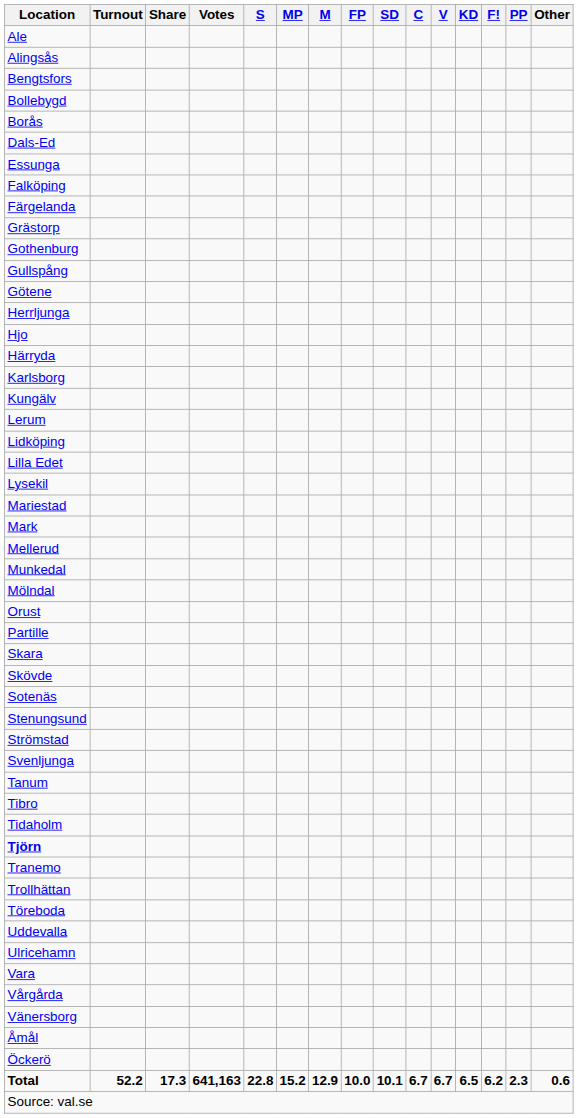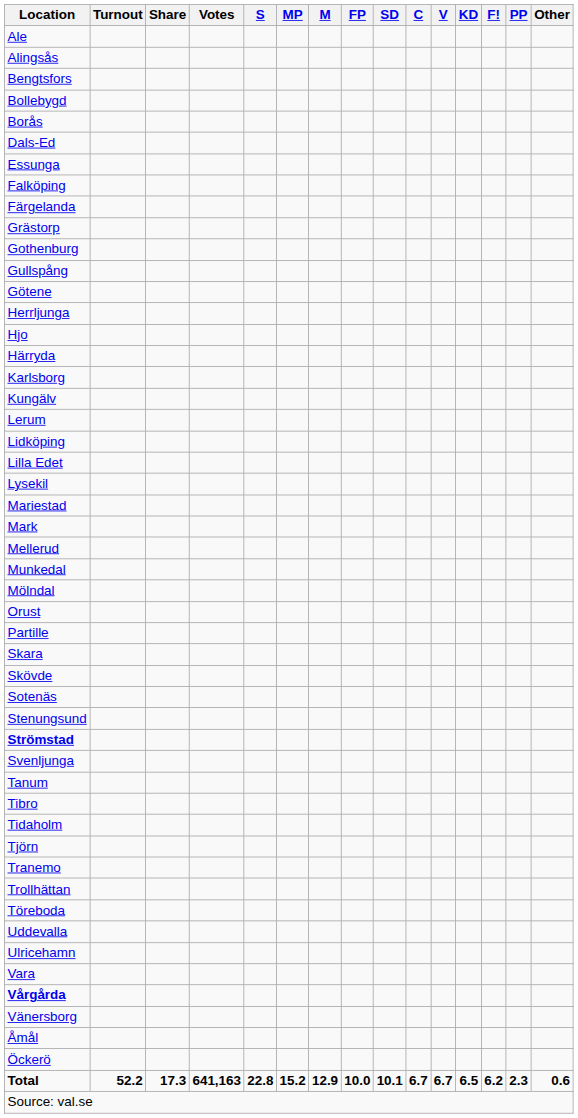 <table class="wikitable sortable" style=text-align:right>
 <tr>
 <th>Location</th>
 <th>Turnout</th>
 <th>Share</th>
 <th>Votes</th>
 <th><a href='#'>S</a></th>
 <th><a href='#'>MP</a></th>
 <th><a href='#'>M</a></th>
 <th><a href='#'>FP</a></th>
 <th><a href='#'>SD</a></th>
 <th><a href='#'>C</a></th>
 <th><a href='#'>V</a></th>
 <th><a href='#'>KD</a></th>
 <th><a href='#'>F!</a></th>
 <th><a href='#'>PP</a></th>
 <th>Other</th>
 </tr>
 <tr>
 <td align=left><a href='#'>Ale</a></td>
 <td></td>
 <td></td>
 <td></td>
 <td></td>
 <td></td>
 <td></td>
 <td></td>
 <td></td>
 <td></td>
 <td></td>
 <td></td>
 <td></td>
 <td></td>
 <td></td>
 </tr>
 <tr>
 <td align=left><a href='#'>Alingsås</a></td>
 <td></td>
 <td></td>
 <td></td>
 <td></td>
 <td></td>
 <td></td>
 <td></td>
 <td></td>
 <td></td>
 <td></td>
 <td></td>
 <td></td>
 <td></td>
 <td></td>
 </tr>
 <tr>
 <td align=left><a href='#'>Bengtsfors</a></td>
 <td></td>
 <td></td>
 <td></td>
 <td></td>
 <td></td>
 <td></td>
 <td></td>
 <td></td>
 <td></td>
 <td></td>
 <td></td>
 <td></td>
 <td></td>
 <td></td>
 </tr>
 <tr>
 <td align=left><a href='#'>Bollebygd</a></td>
 <td></td>
 <td></td>
 <td></td>
 <td></td>
 <td></td>
 <td></td>
 <td></td>
 <td></td>
 <td></td>
 <td></td>
 <td></td>
 <td></td>
 <td></td>
 <td></td>
 </tr>
 <tr>
 <td align=left><a href='#'>Borås</a></td>
 <td></td>
 <td></td>
 <td></td>
 <td></td>
 <td></td>
 <td></td>
 <td></td>
 <td></td>
 <td></td>
 <td></td>
 <td></td>
 <td></td>
 <td></td>
 <td></td>
 </tr>
 <tr>
 <td align=left><a href='#'>Dals-Ed</a></td>
 <td></td>
 <td></td>
 <td></td>
 <td></td>
 <td></td>
 <td></td>
 <td></td>
 <td></td>
 <td></td>
 <td></td>
 <td></td>
 <td></td>
 <td></td>
 <td></td>
 </tr>
 <tr>
 <td align=left><a href='#'>Essunga</a></td>
 <td></td>
 <td></td>
 <td></td>
 <td></td>
 <td></td>
 <td></td>
 <td></td>
 <td></td>
 <td></td>
 <td></td>
 <td></td>
 <td></td>
 <td></td>
 <td></td>
 </tr>
 <tr>
 <td align=left><a href='#'>Falköping</a></td>
 <td></td>
 <td></td>
 <td></td>
 <td></td>
 <td></td>
 <td></td>
 <td></td>
 <td></td>
 <td></td>
 <td></td>
 <td></td>
 <td></td>
 <td></td>
 <td></td>
 </tr>
 <tr>
 <td align=left><a href='#'>Färgelanda</a></td>
 <td></td>
 <td></td>
 <td></td>
 <td></td>
 <td></td>
 <td></td>
 <td></td>
 <td></td>
 <td></td>
 <td></td>
 <td></td>
 <td></td>
 <td></td>
 <td></td>
 </tr>
 <tr>
 <td align=left><a href='#'>Grästorp</a></td>
 <td></td>
 <td></td>
 <td></td>
 <td></td>
 <td></td>
 <td></td>
 <td></td>
 <td></td>
 <td></td>
 <td></td>
 <td></td>
 <td></td>
 <td></td>
 <td></td>
 </tr>
 <tr>
 <td align=left><a href='#'>Gothenburg</a></td>
 <td></td>
 <td></td>
 <td></td>
 <td></td>
 <td></td>
 <td></td>
 <td></td>
 <td></td>
 <td></td>
 <td></td>
 <td></td>
 <td></td>
 <td></td>
 <td></td>
 </tr>
 <tr>
 <td align=left><a href='#'>Gullspång</a></td>
 <td></td>
 <td></td>
 <td></td>
 <td></td>
 <td></td>
 <td></td>
 <td></td>
 <td></td>
 <td></td>
 <td></td>
 <td></td>
 <td></td>
 <td></td>
 <td></td>
 </tr>
 <tr>
 <td align=left><a href='#'>Götene</a></td>
 <td></td>
 <td></td>
 <td></td>
 <td></td>
 <td></td>
 <td></td>
 <td></td>
 <td></td>
 <td></td>
 <td></td>
 <td></td>
 <td></td>
 <td></td>
 <td></td>
 </tr>
 <tr>
 <td align=left><a href='#'>Herrljunga</a></td>
 <td></td>
 <td></td>
 <td></td>
 <td></td>
 <td></td>
 <td></td>
 <td></td>
 <td></td>
 <td></td>
 <td></td>
 <td></td>
 <td></td>
 <td></td>
 <td></td>
 </tr>
 <tr>
 <td align=left><a href='#'>Hjo</a></td>
 <td></td>
 <td></td>
 <td></td>
 <td></td>
 <td></td>
 <td></td>
 <td></td>
 <td></td>
 <td></td>
 <td></td>
 <td></td>
 <td></td>
 <td></td>
 <td></td>
 </tr>
 <tr>
 <td align=left><a href='#'>Härryda</a></td>
 <td></td>
 <td></td>
 <td></td>
 <td></td>
 <td></td>
 <td></td>
 <td></td>
 <td></td>
 <td></td>
 <td></td>
 <td></td>
 <td></td>
 <td></td>
 <td></td>
 </tr>
 <tr>
 <td align=left><a href='#'>Karlsborg</a></td>
 <td></td>
 <td></td>
 <td></td>
 <td></td>
 <td></td>
 <td></td>
 <td></td>
 <td></td>
 <td></td>
 <td></td>
 <td></td>
 <td></td>
 <td></td>
 <td></td>
 </tr>
 <tr>
 <td align=left><a href='#'>Kungälv</a></td>
 <td></td>
 <td></td>
 <td></td>
 <td></td>
 <td></td>
 <td></td>
 <td></td>
 <td></td>
 <td></td>
 <td></td>
 <td></td>
 <td></td>
 <td></td>
 <td></td>
 </tr>
 <tr>
 <td align=left><a href='#'>Lerum</a></td>
 <td></td>
 <td></td>
 <td></td>
 <td></td>
 <td></td>
 <td></td>
 <td></td>
 <td></td>
 <td></td>
 <td></td>
 <td></td>
 <td></td>
 <td></td>
 <td></td>
 </tr>
 <tr>
 <td align=left><a href='#'>Lidköping</a></td>
 <td></td>
 <td></td>
 <td></td>
 <td></td>
 <td></td>
 <td></td>
 <td></td>
 <td></td>
 <td></td>
 <td></td>
 <td></td>
 <td></td>
 <td></td>
 <td></td>
 </tr>
 <tr>
 <td align=left><a href='#'>Lilla Edet</a></td>
 <td></td>
 <td></td>
 <td></td>
 <td></td>
 <td></td>
 <td></td>
 <td></td>
 <td></td>
 <td></td>
 <td></td>
 <td></td>
 <td></td>
 <td></td>
 <td></td>
 </tr>
 <tr>
 <td align=left><a href='#'>Lysekil</a></td>
 <td></td>
 <td></td>
 <td></td>
 <td></td>
 <td></td>
 <td></td>
 <td></td>
 <td></td>
 <td></td>
 <td></td>
 <td></td>
 <td></td>
 <td></td>
 <td></td>
 </tr>
 <tr>
 <td align=left><a href='#'>Mariestad</a></td>
 <td></td>
 <td></td>
 <td></td>
 <td></td>
 <td></td>
 <td></td>
 <td></td>
 <td></td>
 <td></td>
 <td></td>
 <td></td>
 <td></td>
 <td></td>
 <td></td>
 </tr>
 <tr>
 <td align=left><a href='#'>Mark</a></td>
 <td></td>
 <td></td>
 <td></td>
 <td></td>
 <td></td>
 <td></td>
 <td></td>
 <td></td>
 <td></td>
 <td></td>
 <td></td>
 <td></td>
 <td></td>
 <td></td>
 </tr>
 <tr>
 <td align=left><a href='#'>Mellerud</a></td>
 <td></td>
 <td></td>
 <td></td>
 <td></td>
 <td></td>
 <td></td>
 <td></td>
 <td></td>
 <td></td>
 <td></td>
 <td></td>
 <td></td>
 <td></td>
 <td></td>
 </tr>
 <tr>
 <td align=left><a href='#'>Munkedal</a></td>
 <td></td>
 <td></td>
 <td></td>
 <td></td>
 <td></td>
 <td></td>
 <td></td>
 <td></td>
 <td></td>
 <td></td>
 <td></td>
 <td></td>
 <td></td>
 <td></td>
 </tr>
 <tr>
 <td align=left><a href='#'>Mölndal</a></td>
 <td></td>
 <td></td>
 <td></td>
 <td></td>
 <td></td>
 <td></td>
 <td></td>
 <td></td>
 <td></td>
 <td></td>
 <td></td>
 <td></td>
 <td></td>
 <td></td>
 </tr>
 <tr>
 <td align=left><a href='#'>Orust</a></td>
 <td></td>
 <td></td>
 <td></td>
 <td></td>
 <td></td>
 <td></td>
 <td></td>
 <td></td>
 <td></td>
 <td></td>
 <td></td>
 <td></td>
 <td></td>
 <td></td>
 </tr>
 <tr>
 <td align=left><a href='#'>Partille</a></td>
 <td></td>
 <td></td>
 <td></td>
 <td></td>
 <td></td>
 <td></td>
 <td></td>
 <td></td>
 <td></td>
 <td></td>
 <td></td>
 <td></td>
 <td></td>
 <td></td>
 </tr>
 <tr>
 <td align=left><a href='#'>Skara</a></td>
 <td></td>
 <td></td>
 <td></td>
 <td></td>
 <td></td>
 <td></td>
 <td></td>
 <td></td>
 <td></td>
 <td></td>
 <td></td>
 <td></td>
 <td></td>
 <td></td>
 </tr>
 <tr>
 <td align=left><a href='#'>Skövde</a></td>
 <td></td>
 <td></td>
 <td></td>
 <td></td>
 <td></td>
 <td></td>
 <td></td>
 <td></td>
 <td></td>
 <td></td>
 <td></td>
 <td></td>
 <td></td>
 <td></td>
 </tr>
 <tr>
 <td align=left><a href='#'>Sotenäs</a></td>
 <td></td>
 <td></td>
 <td></td>
 <td></td>
 <td></td>
 <td></td>
 <td></td>
 <td></td>
 <td></td>
 <td></td>
 <td></td>
 <td></td>
 <td></td>
 <td></td>
 </tr>
 <tr>
 <td align=left><a href='#'>Stenungsund</a></td>
 <td></td>
 <td></td>
 <td></td>
 <td></td>
 <td></td>
 <td></td>
 <td></td>
 <td></td>
 <td></td>
 <td></td>
 <td></td>
 <td></td>
 <td></td>
 <td></td>
 </tr>
 <tr>
-<td align=left><a href='#'>Strömstad</a></td>
+<td align=left><strong><a href='#'>Strömstad</a></strong></td>
 <td></td>
 <td></td>
 <td></td>
 <td></td>
 <td></td>
 <td></td>
 <td></td>
 <td></td>
 <td></td>
 <td></td>
 <td></td>
 <td></td>
 <td></td>
 <td></td>
 </tr>
 <tr>
 <td align=left><a href='#'>Svenljunga</a></td>
 <td></td>
 <td></td>
 <td></td>
 <td></td>
 <td></td>
 <td></td>
 <td></td>
 <td></td>
 <td></td>
 <td></td>
 <td></td>
 <td></td>
 <td></td>
 <td></td>
 </tr>
 <tr>
 <td align=left><a href='#'>Tanum</a></td>
 <td></td>
 <td></td>
 <td></td>
 <td></td>
 <td></td>
 <td></td>
 <td></td>
 <td></td>
 <td></td>
 <td></td>
 <td></td>
 <td></td>
 <td></td>
 <td></td>
 </tr>
 <tr>
 <td align=left><a href='#'>Tibro</a></td>
 <td></td>
 <td></td>
 <td></td>
 <td></td>
 <td></td>
 <td></td>
 <td></td>
 <td></td>
 <td></td>
 <td></td>
 <td></td>
 <td></td>
 <td></td>
 <td></td>
 </tr>
 <tr>
 <td align=left><a href='#'>Tidaholm</a></td>
 <td></td>
 <td></td>
 <td></td>
 <td></td>
 <td></td>
 <td></td>
 <td></td>
 <td></td>
 <td></td>
 <td></td>
 <td></td>
 <td></td>
 <td></td>
 <td></td>
 </tr>
 <tr>
-<td align=left><strong><a href='#'>Tjörn</a></strong></td>
+<td align=left><a href='#'>Tjörn</a></td>
 <td></td>
 <td></td>
 <td></td>
 <td></td>
 <td></td>
 <td></td>
 <td></td>
 <td></td>
 <td></td>
 <td></td>
 <td></td>
 <td></td>
 <td></td>
 <td></td>
 </tr>
 <tr>
 <td align=left><a href='#'>Tranemo</a></td>
 <td></td>
 <td></td>
 <td></td>
 <td></td>
 <td></td>
 <td></td>
 <td></td>
 <td></td>
 <td></td>
 <td></td>
 <td></td>
 <td></td>
 <td></td>
 <td></td>
 </tr>
 <tr>
 <td align=left><a href='#'>Trollhättan</a></td>
 <td></td>
 <td></td>
 <td></td>
 <td></td>
 <td></td>
 <td></td>
 <td></td>
 <td></td>
 <td></td>
 <td></td>
 <td></td>
 <td></td>
 <td></td>
 <td></td>
 </tr>
 <tr>
 <td align=left><a href='#'>Töreboda</a></td>
 <td></td>
 <td></td>
 <td></td>
 <td></td>
 <td></td>
 <td></td>
 <td></td>
 <td></td>
 <td></td>
 <td></td>
 <td></td>
 <td></td>
 <td></td>
 <td></td>
 </tr>
 <tr>
 <td align=left><a href='#'>Uddevalla</a></td>
 <td></td>
 <td></td>
 <td></td>
 <td></td>
 <td></td>
 <td></td>
 <td></td>
 <td></td>
 <td></td>
 <td></td>
 <td></td>
 <td></td>
 <td></td>
 <td></td>
 </tr>
 <tr>
 <td align=left><a href='#'>Ulricehamn</a></td>
 <td></td>
 <td></td>
 <td></td>
 <td></td>
 <td></td>
 <td></td>
 <td></td>
 <td></td>
 <td></td>
 <td></td>
 <td></td>
 <td></td>
 <td></td>
 <td></td>
 </tr>
 <tr>
 <td align=left><a href='#'>Vara</a></td>
 <td></td>
 <td></td>
 <td></td>
 <td></td>
 <td></td>
 <td></td>
 <td></td>
 <td></td>
 <td></td>
 <td></td>
 <td></td>
 <td></td>
 <td></td>
 <td></td>
 </tr>
 <tr>
-<td align=left><a href='#'>Vårgårda</a></td>
+<td align=left><strong><a href='#'>Vårgårda</a></strong></td>
 <td></td>
 <td></td>
 <td></td>
 <td></td>
 <td></td>
 <td></td>
 <td></td>
 <td></td>
 <td></td>
 <td></td>
 <td></td>
 <td></td>
 <td></td>
 <td></td>
 </tr>
 <tr>
 <td align=left><a href='#'>Vänersborg</a></td>
 <td></td>
 <td></td>
 <td></td>
 <td></td>
 <td></td>
 <td></td>
 <td></td>
 <td></td>
 <td></td>
 <td></td>
 <td></td>
 <td></td>
 <td></td>
 <td></td>
 </tr>
 <tr>
 <td align=left><a href='#'>Åmål</a></td>
 <td></td>
 <td></td>
 <td></td>
 <td></td>
 <td></td>
 <td></td>
 <td></td>
 <td></td>
 <td></td>
 <td></td>
 <td></td>
 <td></td>
 <td></td>
 <td></td>
 </tr>
 <tr>
 <td align=left><a href='#'>Öckerö</a></td>
 <td></td>
 <td></td>
 <td></td>
 <td></td>
 <td></td>
 <td></td>
 <td></td>
 <td></td>
 <td></td>
 <td></td>
 <td></td>
 <td></td>
 <td></td>
 <td></td>
 </tr>
 <tr>
 <td align=left><strong>Total</strong></td>
 <td><strong>52.2</strong></td>
 <td><strong>17.3</strong></td>
 <td><strong>641,163</strong></td>
 <td><strong>22.8</strong></td>
 <td><strong>15.2</strong></td>
 <td><strong>12.9</strong></td>
 <td><strong>10.0</strong></td>
 <td><strong>10.1</strong></td>
 <td><strong>6.7</strong></td>
 <td><strong>6.7</strong></td>
 <td><strong>6.5</strong></td>
 <td><strong>6.2</strong></td>
 <td><strong>2.3</strong></td>
 <td><strong>0.6</strong></td>
 </tr>
 <tr>
 <td align=left colspan=15>Source: val.se </td>
 </tr>
 </table>
